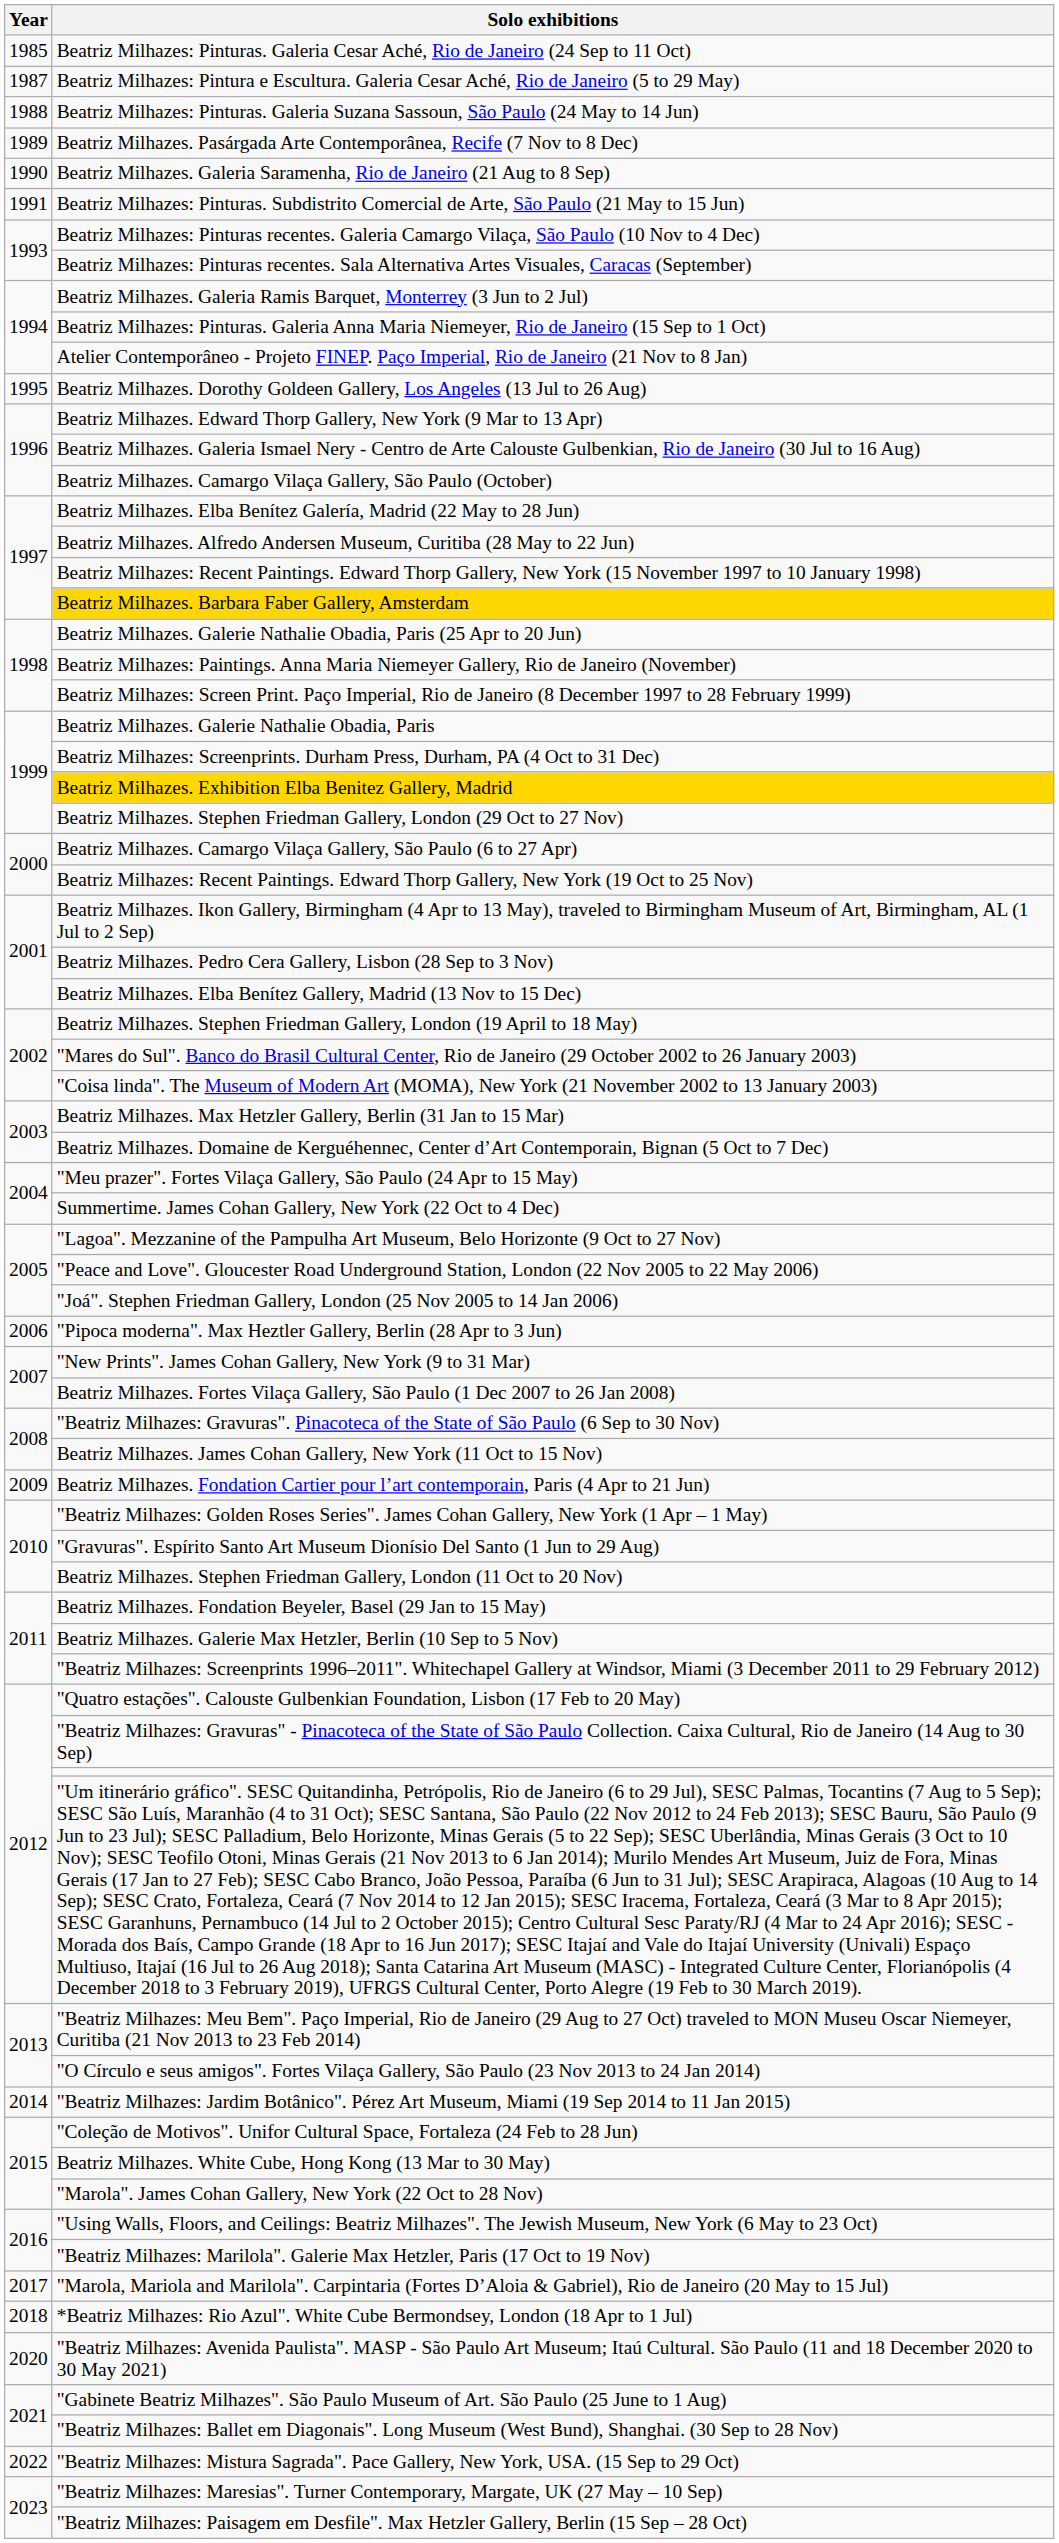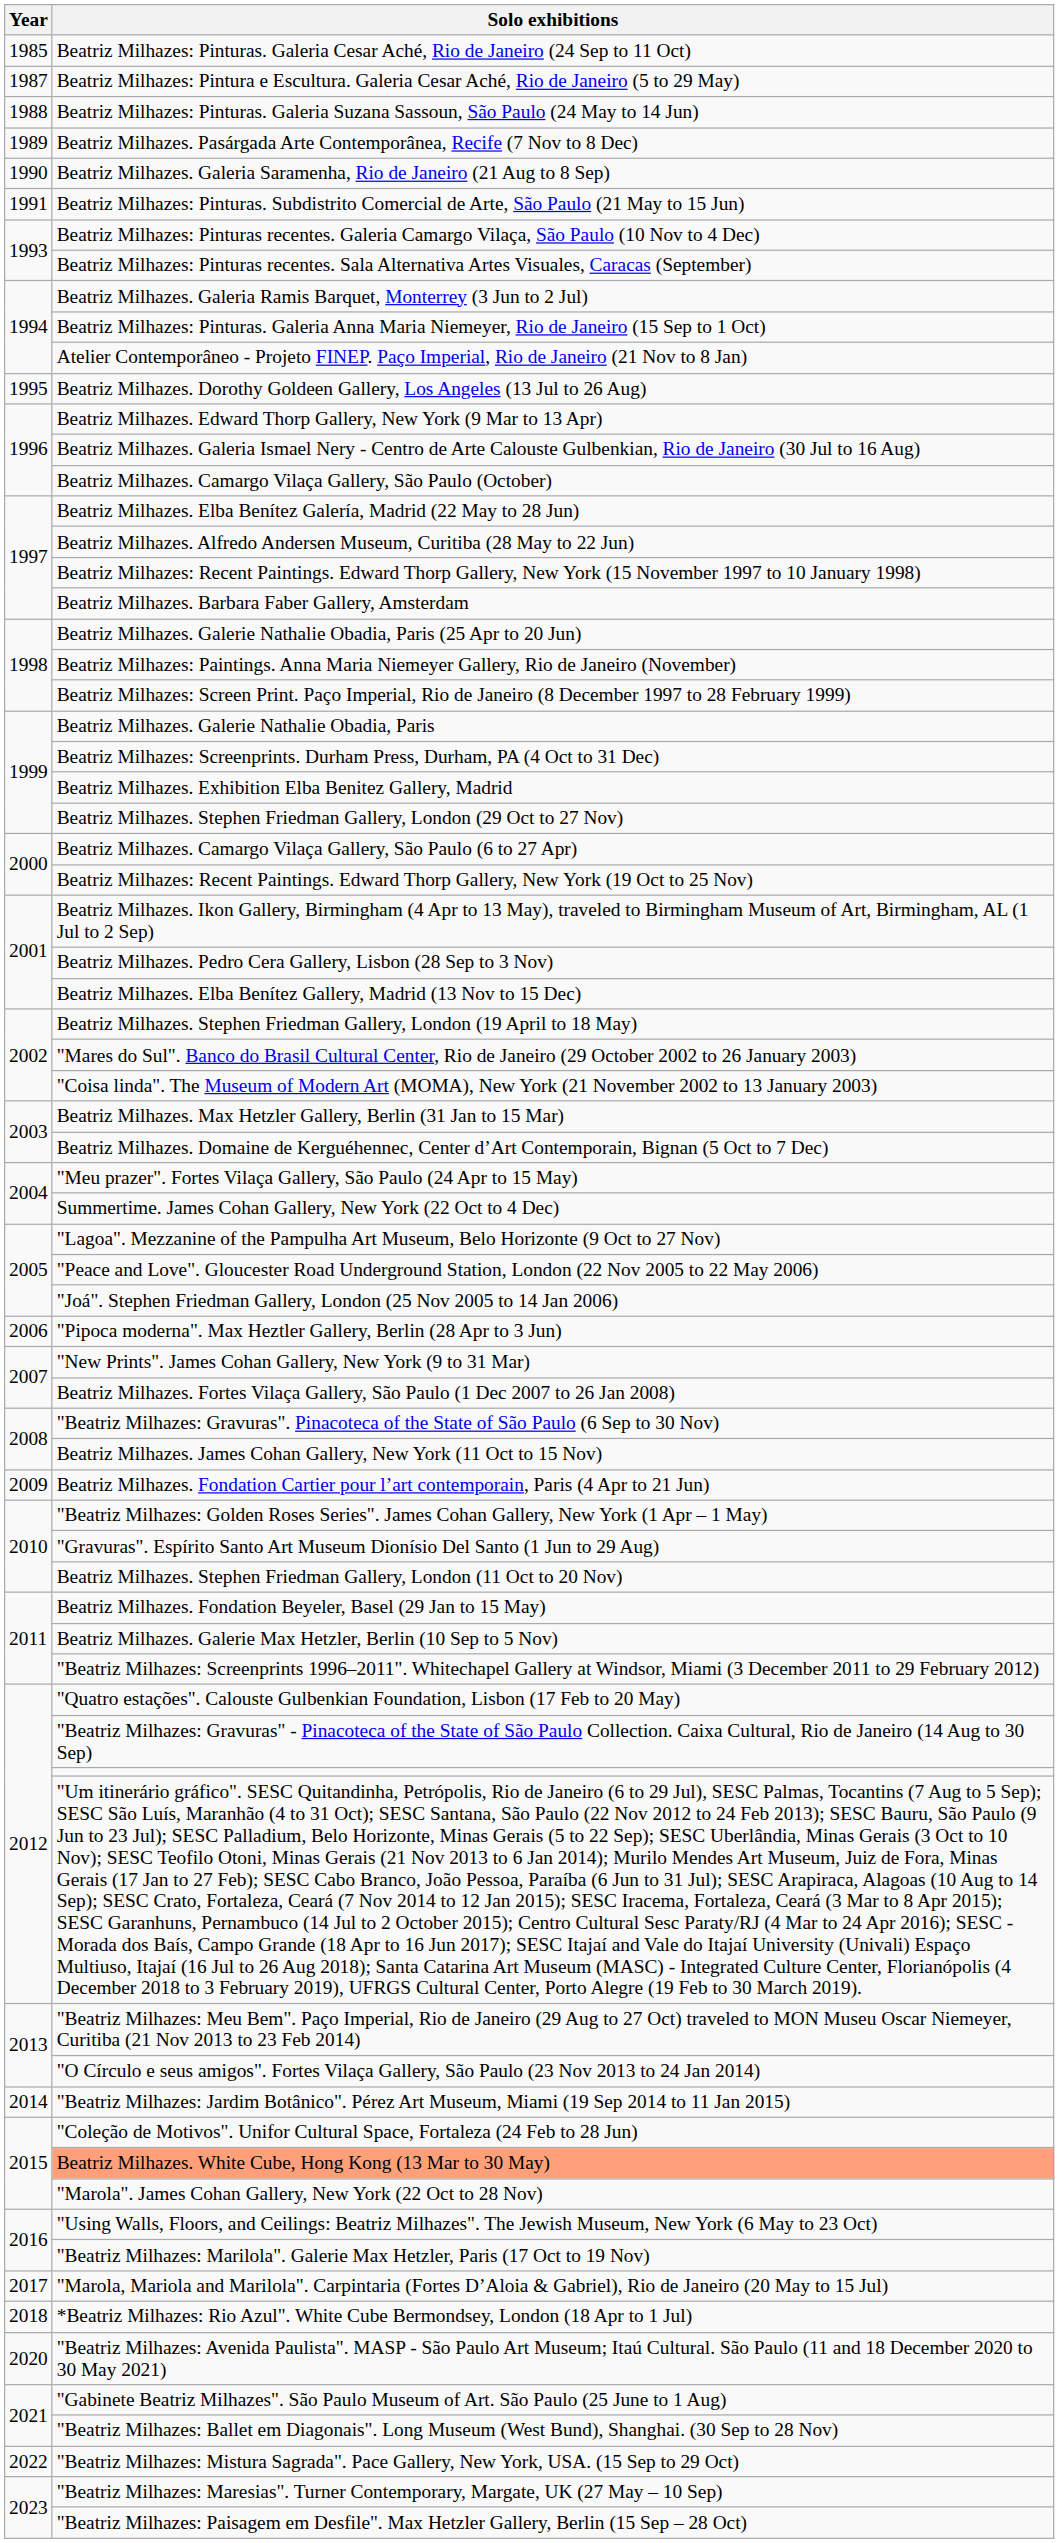 <table class="wikitable">
 <tr>
 <th>Year</th>
 <th>Solo exhibitions</th>
 </tr>
 <tr>
 <td rowspan="1">1985</td>
 <td rowspan="1">Beatriz Milhazes: Pinturas. Galeria Cesar Aché, <a href='#'>Rio de Janeiro</a> (24 Sep to 11 Oct)</td>
 </tr>
 <tr>
 <td>1987</td>
 <td>Beatriz Milhazes: Pintura e Escultura. Galeria Cesar Aché, <a href='#'>Rio de Janeiro</a> (5 to 29 May)</td>
 </tr>
 <tr>
 <td>1988</td>
 <td>Beatriz Milhazes: Pinturas. Galeria Suzana Sassoun, <a href='#'>São Paulo</a> (24 May to 14 Jun)</td>
 </tr>
 <tr>
 <td>1989</td>
 <td>Beatriz Milhazes. Pasárgada Arte Contemporânea, <a href='#'>Recife</a> (7 Nov to 8 Dec)</td>
 </tr>
 <tr>
 <td>1990</td>
 <td>Beatriz Milhazes. Galeria Saramenha, <a href='#'>Rio de Janeiro</a> (21 Aug to 8 Sep)</td>
 </tr>
 <tr>
 <td>1991</td>
 <td>Beatriz Milhazes: Pinturas. Subdistrito Comercial de Arte, <a href='#'>São Paulo</a> (21 May to 15 Jun)</td>
 </tr>
 <tr>
 <td colspan="1" rowspan="2">1993</td>
 <td>Beatriz Milhazes: Pinturas recentes. Galeria Camargo Vilaça, <a href='#'>São Paulo</a> (10 Nov to 4 Dec)</td>
 </tr>
 <tr>
 <td>Beatriz Milhazes: Pinturas recentes. Sala Alternativa Artes Visuales, <a href='#'>Caracas</a> (September)</td>
 </tr>
 <tr>
 <td colspan="1" rowspan="3">1994</td>
 <td>Beatriz Milhazes. Galeria Ramis Barquet, <a href='#'>Monterrey</a> (3 Jun to 2 Jul)</td>
 </tr>
 <tr>
 <td>Beatriz Milhazes: Pinturas. Galeria Anna Maria Niemeyer, <a href='#'>Rio de Janeiro</a> (15 Sep to 1 Oct)</td>
 </tr>
 <tr>
 <td>Atelier Contemporâneo - Projeto <a href='#'>FINEP</a>. <a href='#'>Paço Imperial</a>, <a href='#'>Rio de Janeiro</a> (21 Nov to 8 Jan)</td>
 </tr>
 <tr>
 <td>1995</td>
 <td>Beatriz Milhazes. Dorothy Goldeen Gallery, <a href='#'>Los Angeles</a> (13 Jul to 26 Aug)</td>
 </tr>
 <tr>
 <td colspan="1" rowspan="3">1996</td>
 <td>Beatriz Milhazes. Edward Thorp Gallery, New York (9 Mar to 13 Apr)</td>
 </tr>
 <tr>
 <td>Beatriz Milhazes. Galeria Ismael Nery - Centro de Arte Calouste Gulbenkian, <a href='#'>Rio de Janeiro</a> (30 Jul to 16 Aug)</td>
 </tr>
 <tr>
 <td>Beatriz Milhazes. Camargo Vilaça Gallery, São Paulo (October)</td>
 </tr>
 <tr>
 <td colspan="1" rowspan="4">1997</td>
 <td>Beatriz Milhazes. Elba Benítez Galería, Madrid (22 May to 28 Jun)</td>
 </tr>
 <tr>
 <td>Beatriz Milhazes. Alfredo Andersen Museum, Curitiba (28 May to 22 Jun)</td>
 </tr>
 <tr>
 <td>Beatriz Milhazes: Recent Paintings. Edward Thorp Gallery, New York (15 November 1997 to 10 January 1998)</td>
 </tr>
 <tr>
-<td style="background: gold;">Beatriz Milhazes. Barbara Faber Gallery, Amsterdam</td>
+<td>Beatriz Milhazes. Barbara Faber Gallery, Amsterdam</td>
 </tr>
 <tr>
 <td colspan="1" rowspan="3">1998</td>
 <td>Beatriz Milhazes. Galerie Nathalie Obadia, Paris (25 Apr to 20 Jun)</td>
 </tr>
 <tr>
 <td>Beatriz Milhazes: Paintings. Anna Maria Niemeyer Gallery, Rio de Janeiro (November)</td>
 </tr>
 <tr>
 <td>Beatriz Milhazes: Screen Print. Paço Imperial, Rio de Janeiro (8 December 1997 to 28 February 1999)</td>
 </tr>
 <tr>
 <td colspan="1" rowspan="4">1999</td>
 <td>Beatriz Milhazes. Galerie Nathalie Obadia, Paris</td>
 </tr>
 <tr>
 <td>Beatriz Milhazes: Screenprints. Durham Press, Durham, PA (4 Oct to 31 Dec)</td>
 </tr>
 <tr>
-<td style="background: gold;">Beatriz Milhazes. Exhibition Elba Benitez Gallery, Madrid</td>
+<td>Beatriz Milhazes. Exhibition Elba Benitez Gallery, Madrid</td>
 </tr>
 <tr>
 <td>Beatriz Milhazes. Stephen Friedman Gallery, London (29 Oct to 27 Nov)</td>
 </tr>
 <tr>
 <td colspan="1" rowspan="2">2000</td>
 <td>Beatriz Milhazes. Camargo Vilaça Gallery, São Paulo (6 to 27 Apr)</td>
 </tr>
 <tr>
 <td>Beatriz Milhazes: Recent Paintings. Edward Thorp Gallery, New York (19 Oct to 25 Nov)</td>
 </tr>
 <tr>
 <td colspan="1" rowspan="3">2001</td>
 <td>Beatriz Milhazes. Ikon Gallery, Birmingham (4 Apr to 13 May), traveled to Birmingham Museum of Art, Birmingham, AL (1 Jul to 2 Sep)</td>
 </tr>
 <tr>
 <td>Beatriz Milhazes. Pedro Cera Gallery, Lisbon (28 Sep to 3 Nov)</td>
 </tr>
 <tr>
 <td>Beatriz Milhazes. Elba Benítez Gallery, Madrid (13 Nov to 15 Dec)</td>
 </tr>
 <tr>
 <td colspan="1" rowspan="3">2002</td>
 <td>Beatriz Milhazes. Stephen Friedman Gallery, London (19 April to 18 May)</td>
 </tr>
 <tr>
 <td>"Mares do Sul". <a href='#'>Banco do Brasil Cultural Center</a>, Rio de Janeiro (29 October 2002 to 26 January 2003)</td>
 </tr>
 <tr>
 <td>"Coisa linda". The <a href='#'>Museum of Modern Art</a> (MOMA), New York (21 November 2002 to 13 January 2003)</td>
 </tr>
 <tr>
 <td colspan="1" rowspan="2">2003</td>
 <td>Beatriz Milhazes. Max Hetzler Gallery, Berlin (31 Jan to 15 Mar)</td>
 </tr>
 <tr>
 <td>Beatriz Milhazes. Domaine de Kerguéhennec, Center d’Art Contemporain, Bignan (5 Oct to 7 Dec)</td>
 </tr>
 <tr>
 <td colspan="1" rowspan="2">2004</td>
 <td>"Meu prazer". Fortes Vilaça Gallery, São Paulo (24 Apr to 15 May)</td>
 </tr>
 <tr>
 <td>Summertime. James Cohan Gallery, New York (22 Oct to 4 Dec)</td>
 </tr>
 <tr>
 <td colspan="1" rowspan="3">2005</td>
 <td>"Lagoa". Mezzanine of the Pampulha Art Museum, Belo Horizonte (9 Oct to 27 Nov)</td>
 </tr>
 <tr>
 <td>"Peace and Love". Gloucester Road Underground Station, London (22 Nov 2005 to 22 May 2006)</td>
 </tr>
 <tr>
 <td>"Joá". Stephen Friedman Gallery, London (25 Nov 2005 to 14 Jan 2006)</td>
 </tr>
 <tr>
 <td>2006</td>
 <td>"Pipoca moderna". Max Heztler Gallery, Berlin (28 Apr to 3 Jun)</td>
 </tr>
 <tr>
 <td colspan="1" rowspan="2">2007</td>
 <td>"New Prints". James Cohan Gallery, New York (9 to 31 Mar)</td>
 </tr>
 <tr>
 <td>Beatriz Milhazes. Fortes Vilaça Gallery, São Paulo (1 Dec 2007 to 26 Jan 2008)</td>
 </tr>
 <tr>
 <td colspan="1" rowspan="2">2008</td>
 <td>"Beatriz Milhazes: Gravuras". <a href='#'>Pinacoteca of the State of São Paulo</a> (6 Sep to 30 Nov)</td>
 </tr>
 <tr>
 <td>Beatriz Milhazes. James Cohan Gallery, New York (11 Oct to 15 Nov)</td>
 </tr>
 <tr>
 <td>2009</td>
 <td>Beatriz Milhazes. <a href='#'>Fondation Cartier pour l’art contemporain</a>, Paris (4 Apr to 21 Jun)</td>
 </tr>
 <tr>
 <td colspan="1" rowspan="3">2010</td>
 <td>"Beatriz Milhazes: Golden Roses Series". James Cohan Gallery, New York (1 Apr – 1 May)</td>
 </tr>
 <tr>
 <td>"Gravuras". Espírito Santo Art Museum Dionísio Del Santo (1 Jun to 29 Aug)</td>
 </tr>
 <tr>
 <td>Beatriz Milhazes. Stephen Friedman Gallery, London (11 Oct to 20 Nov)</td>
 </tr>
 <tr>
 <td colspan="1" rowspan="3">2011</td>
 <td>Beatriz Milhazes. Fondation Beyeler, Basel (29 Jan to 15 May)</td>
 </tr>
 <tr>
 <td>Beatriz Milhazes. Galerie Max Hetzler, Berlin (10 Sep to 5 Nov)</td>
 </tr>
 <tr>
 <td>"Beatriz Milhazes: Screenprints 1996–2011". Whitechapel Gallery at Windsor, Miami (3 December 2011 to 29 February 2012)</td>
 </tr>
 <tr>
 <td colspan="1" rowspan="4">2012</td>
 <td>"Quatro estações". Calouste Gulbenkian Foundation, Lisbon (17 Feb to 20 May)</td>
 </tr>
 <tr>
 <td>"Beatriz Milhazes: Gravuras" - <a href='#'>Pinacoteca of the State of São Paulo</a> Collection. Caixa Cultural, Rio de Janeiro (14 Aug to 30 Sep)</td>
 </tr>
 <tr>
 <td></td>
 </tr>
 <tr>
 <td>"Um itinerário gráfico". SESC Quitandinha, Petrópolis, Rio de Janeiro (6 to 29 Jul), SESC Palmas, Tocantins (7 Aug to 5 Sep); SESC São Luís, Maranhão (4 to 31 Oct); SESC Santana, São Paulo (22 Nov 2012 to 24 Feb 2013); SESC Bauru, São Paulo (9 Jun to 23 Jul); SESC Palladium, Belo Horizonte, Minas Gerais (5 to 22 Sep); SESC Uberlândia, Minas Gerais (3 Oct to 10 Nov); SESC Teofilo Otoni, Minas Gerais (21 Nov 2013 to 6 Jan 2014); Murilo Mendes Art Museum, Juiz de Fora, Minas Gerais (17 Jan to 27 Feb); SESC Cabo Branco, João Pessoa, Paraíba (6 Jun to 31 Jul); SESC Arapiraca, Alagoas (10 Aug to 14 Sep); SESC Crato, Fortaleza, Ceará (7 Nov 2014 to 12 Jan 2015); SESC Iracema, Fortaleza, Ceará (3 Mar to 8 Apr 2015); SESC Garanhuns, Pernambuco (14 Jul to 2 October 2015); Centro Cultural Sesc Paraty/RJ (4 Mar to 24 Apr 2016); SESC - Morada dos Baís, Campo Grande (18 Apr to 16 Jun 2017); SESC Itajaí and Vale do Itajaí University (Univali) Espaço Multiuso, Itajaí (16 Jul to 26 Aug 2018); Santa Catarina Art Museum (MASC) - Integrated Culture Center, Florianópolis (4 December 2018 to 3 February 2019), UFRGS Cultural Center, Porto Alegre (19 Feb to 30 March 2019).</td>
 </tr>
 <tr>
 <td colspan="1" rowspan="2">2013</td>
 <td>"Beatriz Milhazes: Meu Bem". Paço Imperial, Rio de Janeiro (29 Aug to 27 Oct) traveled to MON Museu Oscar Niemeyer, Curitiba (21 Nov 2013 to 23 Feb 2014)</td>
 </tr>
 <tr>
 <td>"O Círculo e seus amigos". Fortes Vilaça Gallery, São Paulo (23 Nov 2013 to 24 Jan 2014)</td>
 </tr>
 <tr>
 <td>2014</td>
 <td>"Beatriz Milhazes: Jardim Botânico". Pérez Art Museum, Miami (19 Sep 2014 to 11 Jan 2015)</td>
 </tr>
 <tr>
 <td colspan="1" rowspan="3">2015</td>
 <td>"Coleção de Motivos". Unifor Cultural Space, Fortaleza (24 Feb to 28 Jun)</td>
 </tr>
 <tr>
-<td>Beatriz Milhazes. White Cube, Hong Kong (13 Mar to 30 May)</td>
+<td style="background: lightsalmon;">Beatriz Milhazes. White Cube, Hong Kong (13 Mar to 30 May)</td>
 </tr>
 <tr>
 <td>"Marola". James Cohan Gallery, New York (22 Oct to 28 Nov)</td>
 </tr>
 <tr>
 <td colspan="1" rowspan="2">2016</td>
 <td>"Using Walls, Floors, and Ceilings: Beatriz Milhazes". The Jewish Museum, New York (6 May to 23 Oct)</td>
 </tr>
 <tr>
 <td>"Beatriz Milhazes: Marilola". Galerie Max Hetzler, Paris (17 Oct to 19 Nov)</td>
 </tr>
 <tr>
 <td>2017</td>
 <td>"Marola, Mariola and Marilola". Carpintaria (Fortes D’Aloia & Gabriel), Rio de Janeiro (20 May to 15 Jul)</td>
 </tr>
 <tr>
 <td>2018</td>
 <td>*Beatriz Milhazes: Rio Azul". White Cube Bermondsey, London (18 Apr to 1 Jul)</td>
 </tr>
 <tr>
 <td>2020</td>
 <td>"Beatriz Milhazes: Avenida Paulista". MASP - São Paulo Art Museum; Itaú Cultural. São Paulo (11 and 18 December 2020 to 30 May 2021)</td>
 </tr>
 <tr>
 <td colspan="1" rowspan="2">2021</td>
 <td>"Gabinete Beatriz Milhazes". São Paulo Museum of Art. São Paulo (25 June to 1 Aug)</td>
 </tr>
 <tr>
 <td>"Beatriz Milhazes: Ballet em Diagonais". Long Museum (West Bund), Shanghai. (30 Sep to 28 Nov)</td>
 </tr>
 <tr>
 <td>2022</td>
 <td>"Beatriz Milhazes: Mistura Sagrada". Pace Gallery, New York, USA. (15 Sep to 29 Oct)</td>
 </tr>
 <tr>
 <td colspan="1" rowspan="2">2023</td>
 <td>"Beatriz Milhazes: Maresias". Turner Contemporary, Margate, UK (27 May – 10 Sep)</td>
 </tr>
 <tr>
 <td>"Beatriz Milhazes: Paisagem em Desfile". Max Hetzler Gallery, Berlin (15 Sep – 28 Oct)</td>
 </tr>
 </table>
